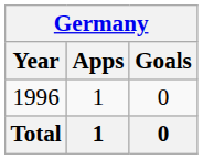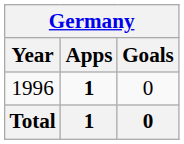 <table class="wikitable" style="text-align:center">
 <tr>
 <th colspan=3><a href='#'>Germany</a></th>
 </tr>
 <tr>
 <th>Year</th>
 <th>Apps</th>
 <th>Goals</th>
 </tr>
 <tr>
 <td>1996</td>
-<td>1</td>
+<td><strong>1</strong></td>
 <td>0</td>
 </tr>
 <tr>
 <th>Total</th>
 <th>1</th>
 <th>0</th>
 </tr>
 </table>
